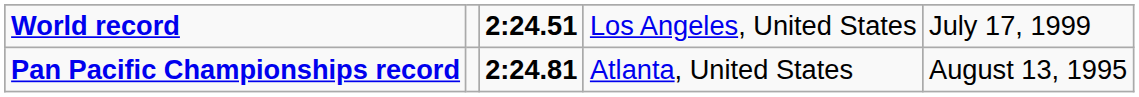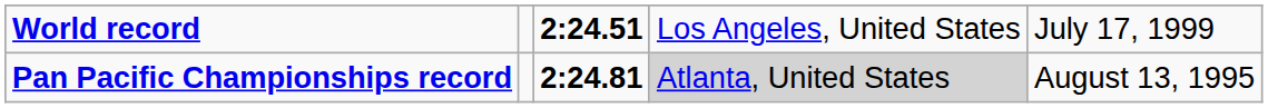 <table class="wikitable">
 <tr>
 <td><strong><a href='#'>World record</a></strong></td>
 <td></td>
 <td><strong>2:24.51</strong></td>
 <td><a href='#'>Los Angeles</a>, United States</td>
 <td>July 17, 1999</td>
 </tr>
 <tr>
 <td><strong><a href='#'>Pan Pacific Championships record</a></strong></td>
 <td></td>
 <td><strong>2:24.81</strong></td>
-<td><a href='#'>Atlanta</a>, United States</td>
+<td style="background: lightgrey;"><a href='#'>Atlanta</a>, United States</td>
 <td>August 13, 1995</td>
 </tr>
 </table>
